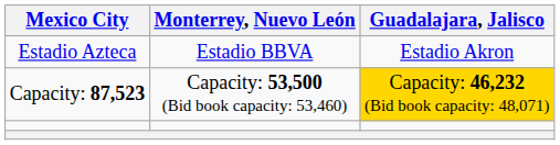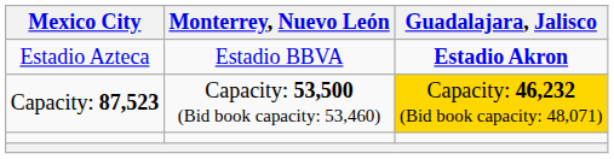 <table class="wikitable" style="text-align:center">
 <tr>
 <th><a href='#'>Mexico City</a></th>
 <th><a href='#'>Monterrey</a>, <a href='#'>Nuevo León</a></th>
 <th><a href='#'>Guadalajara</a>, <a href='#'>Jalisco</a></th>
 </tr>
 <tr>
 <td><a href='#'>Estadio Azteca</a></td>
 <td><a href='#'>Estadio BBVA</a></td>
-<td><a href='#'>Estadio Akron</a></td>
+<td><strong><a href='#'>Estadio Akron</a></strong></td>
 </tr>
 <tr>
 <td>Capacity: <strong>87,523</strong></td>
 <td>Capacity: <strong>53,500</strong><br><small>(Bid book capacity: 53,460)</small></td>
 <td style="background: gold;">Capacity: <strong>46,232</strong><br><small>(Bid book capacity: 48,071)</small></td>
 </tr>
 <tr>
 <td></td>
 <td></td>
 <td></td>
 </tr>
 <tr>
 <th colspan="5"></th>
 </tr>
 </table>
